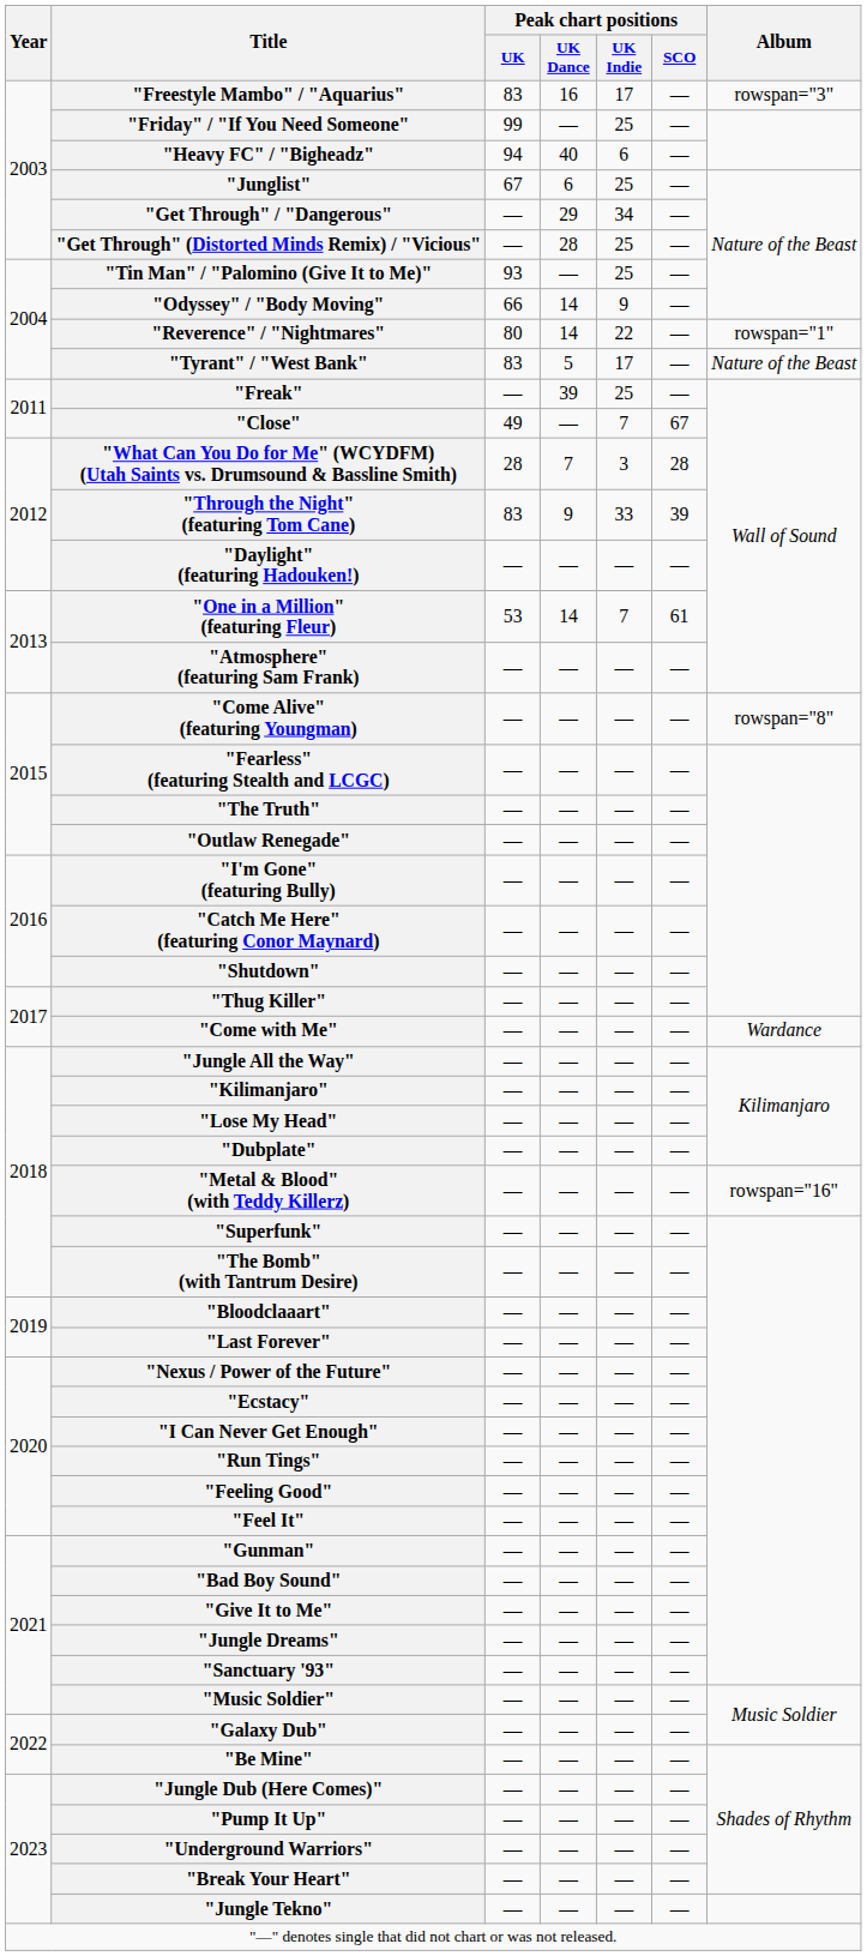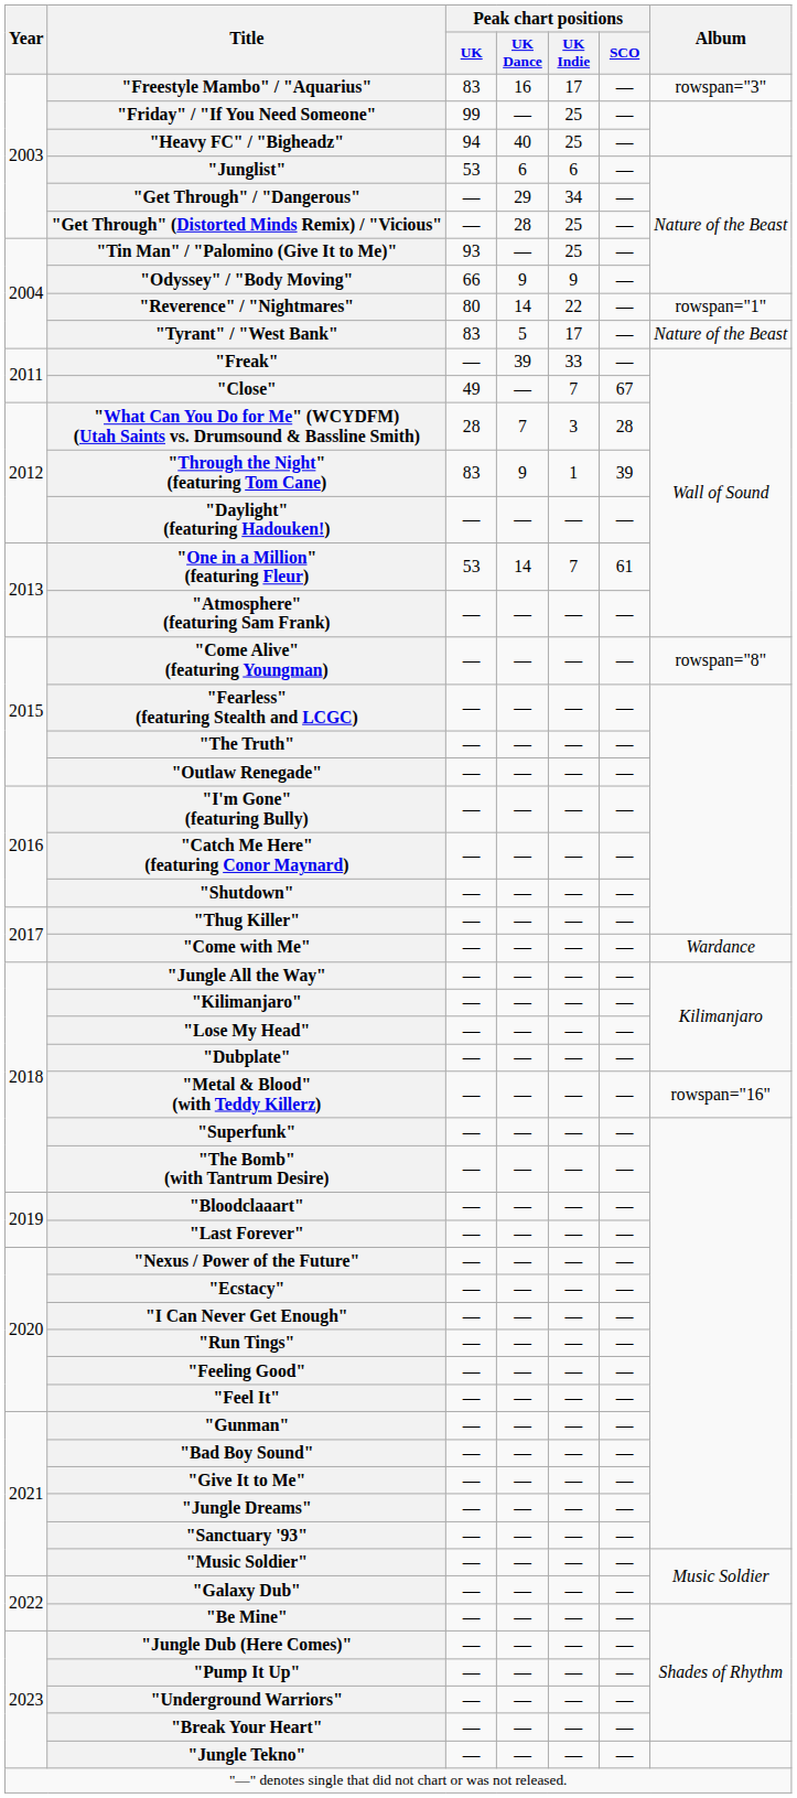 <table class="wikitable plainrowheaders" style="text-align:center;">
 <tr>
 <th scope="col" rowspan="2">Year</th>
 <th scope="col" rowspan="2">Title</th>
 <th scope="col" colspan="4">Peak chart positions</th>
 <th scope="col" rowspan="2">Album</th>
 </tr>
 <tr>
 <th scope="col" style="width:3em;font-size:85%;"><a href='#'>UK</a><br></th>
 <th scope="col" style="width:3em;font-size:85%;"><a href='#'>UK<br>Dance</a><br></th>
 <th scope="col" style="width:3em;font-size:85%;"><a href='#'>UK<br>Indie</a><br></th>
 <th scope="col" style="width:3em;font-size:85%;"><a href='#'>SCO</a><br></th>
 </tr>
 <tr>
 <td rowspan="6">2003</td>
 <th scope="row">"Freestyle Mambo" / "Aquarius"</th>
 <td>83</td>
 <td>16</td>
 <td>17</td>
 <td>—</td>
 <td>rowspan="3" </td>
 </tr>
 <tr>
 <th scope="row">"Friday" / "If You Need Someone"</th>
 <td>99</td>
 <td>—</td>
 <td>25</td>
 <td>—</td>
 </tr>
 <tr>
 <th scope="row">"Heavy FC" / "Bigheadz"</th>
 <td>94</td>
 <td>40</td>
-<td>6</td>
+<td>25</td>
 <td>—</td>
 </tr>
 <tr>
 <th scope="row">"Junglist"</th>
-<td>67</td>
+<td>53</td>
 <td>6</td>
-<td>25</td>
+<td>6</td>
 <td>—</td>
 <td rowspan="5"><em>Nature of the Beast</em></td>
 </tr>
 <tr>
 <th scope="row">"Get Through" / "Dangerous"</th>
 <td>—</td>
 <td>29</td>
 <td>34</td>
 <td>—</td>
 </tr>
 <tr>
 <th scope="row">"Get Through" <span>(<a href='#'>Distorted Minds</a> Remix)</span> / "Vicious"</th>
 <td>—</td>
 <td>28</td>
 <td>25</td>
 <td>—</td>
 </tr>
 <tr>
 <td rowspan="4">2004</td>
 <th scope="row">"Tin Man" / "Palomino (Give It to Me)"</th>
 <td>93</td>
 <td>—</td>
 <td>25</td>
 <td>—</td>
 </tr>
 <tr>
 <th scope="row">"Odyssey" / "Body Moving"</th>
 <td>66</td>
-<td>14</td>
+<td>9</td>
 <td>9</td>
 <td>—</td>
 </tr>
 <tr>
 <th scope="row">"Reverence" / "Nightmares"</th>
 <td>80</td>
 <td>14</td>
 <td>22</td>
 <td>—</td>
 <td>rowspan="1" </td>
 </tr>
 <tr>
 <th scope="row">"Tyrant" / "West Bank"</th>
 <td>83</td>
 <td>5</td>
 <td>17</td>
 <td>—</td>
 <td rowspan="1"><em>Nature of the Beast</em></td>
 </tr>
 <tr>
 <td rowspan="2">2011</td>
 <th scope="row">"Freak"</th>
 <td>—</td>
 <td>39</td>
-<td>25</td>
+<td>33</td>
 <td>—</td>
 <td rowspan="7"><em>Wall of Sound</em></td>
 </tr>
 <tr>
 <th scope="row">"Close"</th>
 <td>49</td>
 <td>—</td>
 <td>7</td>
 <td>67</td>
 </tr>
 <tr>
 <td rowspan="3">2012</td>
 <th scope="row">"<a href='#'>What Can You Do for Me</a>" (WCYDFM)<br><span>(<a href='#'>Utah Saints</a> vs. Drumsound & Bassline Smith)</span></th>
 <td>28</td>
 <td>7</td>
 <td>3</td>
 <td>28</td>
 </tr>
 <tr>
 <th scope="row">"<a href='#'>Through the Night</a>"<br><span>(featuring <a href='#'>Tom Cane</a>)</span></th>
 <td>83</td>
 <td>9</td>
-<td>33</td>
+<td>1</td>
 <td>39</td>
 </tr>
 <tr>
 <th scope="row">"Daylight"<br><span>(featuring <a href='#'>Hadouken!</a>)</span></th>
 <td>—</td>
 <td>—</td>
 <td>—</td>
 <td>—</td>
 </tr>
 <tr>
 <td rowspan="2">2013</td>
 <th scope="row">"<a href='#'>One in a Million</a>"<br><span>(featuring <a href='#'>Fleur</a>)</span></th>
 <td>53</td>
 <td>14</td>
 <td>7</td>
 <td>61</td>
 </tr>
 <tr>
 <th scope="row">"Atmosphere"<br><span>(featuring Sam Frank)</span></th>
 <td>—</td>
 <td>—</td>
 <td>—</td>
 <td>—</td>
 </tr>
 <tr>
 <td rowspan="4">2015</td>
 <th scope="row">"Come Alive"<br><span>(featuring <a href='#'>Youngman</a>)</span></th>
 <td>—</td>
 <td>—</td>
 <td>—</td>
 <td>—</td>
 <td>rowspan="8" </td>
 </tr>
 <tr>
 <th scope="row">"Fearless"<br><span>(featuring Stealth and <a href='#'>LCGC</a>)</span></th>
 <td>—</td>
 <td>—</td>
 <td>—</td>
 <td>—</td>
 </tr>
 <tr>
 <th scope="row">"The Truth"</th>
 <td>—</td>
 <td>—</td>
 <td>—</td>
 <td>—</td>
 </tr>
 <tr>
 <th scope="row">"Outlaw Renegade"</th>
 <td>—</td>
 <td>—</td>
 <td>—</td>
 <td>—</td>
 </tr>
 <tr>
 <td rowspan="3">2016</td>
 <th scope="row">"I'm Gone"<br><span>(featuring Bully)</span></th>
 <td>—</td>
 <td>—</td>
 <td>—</td>
 <td>—</td>
 </tr>
 <tr>
 <th scope="row">"Catch Me Here"<br><span>(featuring <a href='#'>Conor Maynard</a>)</span></th>
 <td>—</td>
 <td>—</td>
 <td>—</td>
 <td>—</td>
 </tr>
 <tr>
 <th scope="row">"Shutdown"</th>
 <td>—</td>
 <td>—</td>
 <td>—</td>
 <td>—</td>
 </tr>
 <tr>
 <td rowspan="2">2017</td>
 <th scope="row">"Thug Killer"</th>
 <td>—</td>
 <td>—</td>
 <td>—</td>
 <td>—</td>
 </tr>
 <tr>
 <th scope="row">"Come with Me"</th>
 <td>—</td>
 <td>—</td>
 <td>—</td>
 <td>—</td>
 <td><em>Wardance</em></td>
 </tr>
 <tr>
 <td rowspan="7">2018</td>
 <th scope="row">"Jungle All the Way"</th>
 <td>—</td>
 <td>—</td>
 <td>—</td>
 <td>—</td>
 <td rowspan="4"><em>Kilimanjaro</em></td>
 </tr>
 <tr>
 <th scope="row">"Kilimanjaro"</th>
 <td>—</td>
 <td>—</td>
 <td>—</td>
 <td>—</td>
 </tr>
 <tr>
 <th scope="row">"Lose My Head"</th>
 <td>—</td>
 <td>—</td>
 <td>—</td>
 <td>—</td>
 </tr>
 <tr>
 <th scope="row">"Dubplate"</th>
 <td>—</td>
 <td>—</td>
 <td>—</td>
 <td>—</td>
 </tr>
 <tr>
 <th scope="row">"Metal & Blood"<br><span>(with <a href='#'>Teddy Killerz</a>)</span></th>
 <td>—</td>
 <td>—</td>
 <td>—</td>
 <td>—</td>
 <td>rowspan="16" </td>
 </tr>
 <tr>
 <th scope="row">"Superfunk"</th>
 <td>—</td>
 <td>—</td>
 <td>—</td>
 <td>—</td>
 </tr>
 <tr>
 <th scope="row">"The Bomb"<br><span>(with Tantrum Desire)</span></th>
 <td>—</td>
 <td>—</td>
 <td>—</td>
 <td>—</td>
 </tr>
 <tr>
 <td rowspan="2">2019</td>
 <th scope="row">"Bloodclaaart"</th>
 <td>—</td>
 <td>—</td>
 <td>—</td>
 <td>—</td>
 </tr>
 <tr>
 <th scope="row">"Last Forever"</th>
 <td>—</td>
 <td>—</td>
 <td>—</td>
 <td>—</td>
 </tr>
 <tr>
 <td rowspan="6">2020</td>
 <th scope="row">"Nexus / Power of the Future"</th>
 <td>—</td>
 <td>—</td>
 <td>—</td>
 <td>—</td>
 </tr>
 <tr>
 <th scope="row">"Ecstacy"</th>
 <td>—</td>
 <td>—</td>
 <td>—</td>
 <td>—</td>
 </tr>
 <tr>
 <th scope="row">"I Can Never Get Enough"</th>
 <td>—</td>
 <td>—</td>
 <td>—</td>
 <td>—</td>
 </tr>
 <tr>
 <th scope="row">"Run Tings"</th>
 <td>—</td>
 <td>—</td>
 <td>—</td>
 <td>—</td>
 </tr>
 <tr>
 <th scope="row">"Feeling Good"</th>
 <td>—</td>
 <td>—</td>
 <td>—</td>
 <td>—</td>
 </tr>
 <tr>
 <th scope="row">"Feel It"</th>
 <td>—</td>
 <td>—</td>
 <td>—</td>
 <td>—</td>
 </tr>
 <tr>
 <td rowspan="6">2021</td>
 <th scope="row">"Gunman"</th>
 <td>—</td>
 <td>—</td>
 <td>—</td>
 <td>—</td>
 </tr>
 <tr>
 <th scope="row">"Bad Boy Sound"</th>
 <td>—</td>
 <td>—</td>
 <td>—</td>
 <td>—</td>
 </tr>
 <tr>
 <th scope="row">"Give It to Me"</th>
 <td>—</td>
 <td>—</td>
 <td>—</td>
 <td>—</td>
 </tr>
 <tr>
 <th scope="row">"Jungle Dreams"</th>
 <td>—</td>
 <td>—</td>
 <td>—</td>
 <td>—</td>
 </tr>
 <tr>
 <th scope="row">"Sanctuary '93"</th>
 <td>—</td>
 <td>—</td>
 <td>—</td>
 <td>—</td>
 </tr>
 <tr>
 <th scope="row">"Music Soldier"</th>
 <td>—</td>
 <td>—</td>
 <td>—</td>
 <td>—</td>
 <td rowspan="2"><em>Music Soldier</em></td>
 </tr>
 <tr>
 <td rowspan="2">2022</td>
 <th scope="row">"Galaxy Dub"</th>
 <td>—</td>
 <td>—</td>
 <td>—</td>
 <td>—</td>
 </tr>
 <tr>
 <th scope="row">"Be Mine"</th>
 <td>—</td>
 <td>—</td>
 <td>—</td>
 <td>—</td>
 <td rowspan="5"><em>Shades of Rhythm</em></td>
 </tr>
 <tr>
 <td rowspan="5">2023</td>
 <th scope="row">"Jungle Dub (Here Comes)"</th>
 <td>—</td>
 <td>—</td>
 <td>—</td>
 <td>—</td>
 </tr>
 <tr>
 <th scope="row">"Pump It Up"</th>
 <td>—</td>
 <td>—</td>
 <td>—</td>
 <td>—</td>
 </tr>
 <tr>
 <th scope="row">"Underground Warriors"</th>
 <td>—</td>
 <td>—</td>
 <td>—</td>
 <td>—</td>
 </tr>
 <tr>
 <th scope="row">"Break Your Heart"</th>
 <td>—</td>
 <td>—</td>
 <td>—</td>
 <td>—</td>
 </tr>
 <tr>
 <th scope="row">"Jungle Tekno"</th>
 <td>—</td>
 <td>—</td>
 <td>—</td>
 <td>—</td>
 <td></td>
 </tr>
 <tr>
 <td colspan="12" style="text-align:center; font-size:85%;">"—" denotes single that did not chart or was not released.</td>
 </tr>
 </table>
